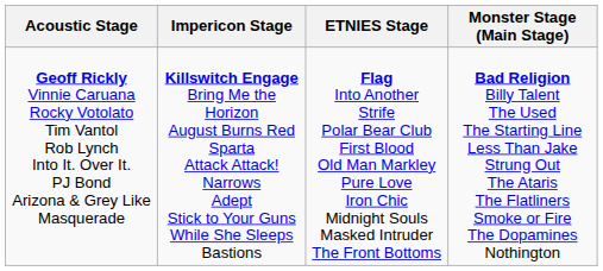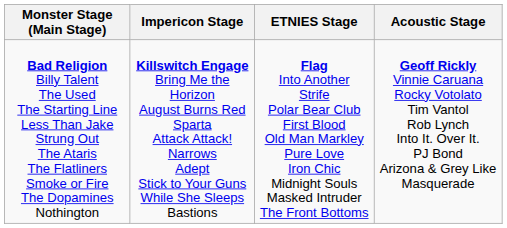 <table class="wikitable">
 <tr>
-<th>Acoustic Stage</th>
+<th>Monster Stage (Main Stage)</th>
 <th>Impericon Stage</th>
 <th>ETNIES Stage</th>
-<th>Monster Stage (Main Stage)</th>
+<th>Acoustic Stage</th>
 </tr>
 <tr>
-<td style="text-align:center; vertical-align:top; width:185px;"><br><strong><a href='#'>Geoff Rickly</a></strong> <br><a href='#'>Vinnie Caruana</a> <br><a href='#'>Rocky Votolato</a> <br>Tim Vantol <br>Rob Lynch <br>Into It. Over It. <br>PJ Bond <br>Arizona & Grey Like Masquerade</td>
+<td style="text-align:center; vertical-align:top; width:185px;"><br><strong><a href='#'>Bad Religion</a></strong> <br><a href='#'>Billy Talent</a> <br><a href='#'>The Used</a> <br><a href='#'>The Starting Line</a> <br><a href='#'>Less Than Jake</a> <br><a href='#'>Strung Out</a> <br><a href='#'>The Ataris</a> <br><a href='#'>The Flatliners</a> <br><a href='#'>Smoke or Fire</a> <br><a href='#'>The Dopamines</a> <br>Nothington</td>
 <td style="text-align:center; vertical-align:top; width:185px;"><br><strong><a href='#'>Killswitch Engage</a></strong> <br><a href='#'>Bring Me the Horizon</a> <br><a href='#'>August Burns Red</a> <br><a href='#'>Sparta</a> <br><a href='#'>Attack Attack!</a> <br><a href='#'>Narrows</a> <br><a href='#'>Adept</a> <br><a href='#'>Stick to Your Guns</a> <br><a href='#'>While She Sleeps</a> <br>Bastions</td>
 <td style="text-align:center; vertical-align:top; width:185px;"><br><strong><a href='#'>Flag</a></strong> <br><a href='#'>Into Another</a> <br><a href='#'>Strife</a> <br><a href='#'>Polar Bear Club</a> <br><a href='#'>First Blood</a> <br><a href='#'>Old Man Markley</a> <br><a href='#'>Pure Love</a> <br><a href='#'>Iron Chic</a> <br>Midnight Souls <br>Masked Intruder <br><a href='#'>The Front Bottoms</a></td>
-<td style="text-align:center; vertical-align:top; width:185px;"><br><strong><a href='#'>Bad Religion</a></strong> <br><a href='#'>Billy Talent</a> <br><a href='#'>The Used</a> <br><a href='#'>The Starting Line</a> <br><a href='#'>Less Than Jake</a> <br><a href='#'>Strung Out</a> <br><a href='#'>The Ataris</a> <br><a href='#'>The Flatliners</a> <br><a href='#'>Smoke or Fire</a> <br><a href='#'>The Dopamines</a> <br>Nothington</td>
+<td style="text-align:center; vertical-align:top; width:185px;"><br><strong><a href='#'>Geoff Rickly</a></strong> <br><a href='#'>Vinnie Caruana</a> <br><a href='#'>Rocky Votolato</a> <br>Tim Vantol <br>Rob Lynch <br>Into It. Over It. <br>PJ Bond <br>Arizona & Grey Like Masquerade</td>
 </tr>
 </table>
